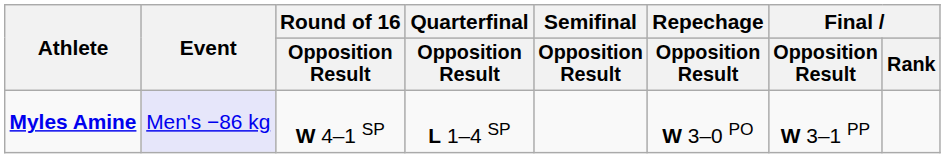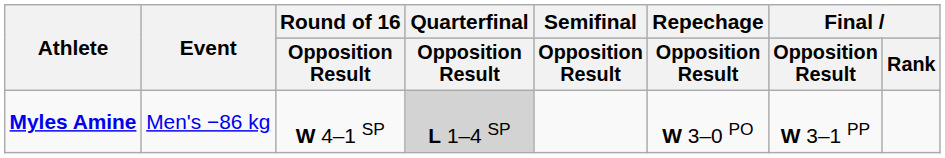 <table class="wikitable" style="font-size:90%">
 <tr>
 <th rowspan=2>Athlete</th>
 <th rowspan=2>Event</th>
 <th>Round of 16</th>
 <th>Quarterfinal</th>
 <th>Semifinal</th>
 <th>Repechage</th>
 <th colspan=2>Final / </th>
 </tr>
 <tr style="font-size: 95%">
 <th>Opposition<br>Result</th>
 <th>Opposition<br>Result</th>
 <th>Opposition<br>Result</th>
 <th>Opposition<br>Result</th>
 <th>Opposition<br>Result</th>
 <th>Rank</th>
 </tr>
 <tr align=center>
 <td align=left><strong><a href='#'>Myles Amine</a></strong></td>
-<td align=left style="background: lavender;"><a href='#'>Men's −86 kg</a></td>
+<td align=left><a href='#'>Men's −86 kg</a></td>
 <td><br><strong>W</strong> 4–1 <sup>SP</sup></td>
-<td><br><strong>L</strong> 1–4 <sup>SP</sup></td>
+<td style="background: lightgrey;"><br><strong>L</strong> 1–4 <sup>SP</sup></td>
 <td></td>
 <td><br><strong>W</strong> 3–0 <sup>PO</sup></td>
 <td><br> <strong>W</strong> 3–1 <sup>PP</sup></td>
 <td></td>
 </tr>
 </table>
